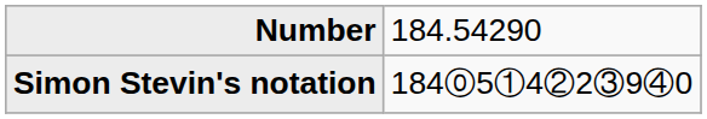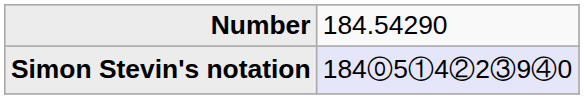 <table class="wikitable floatright">
 <tr>
 <th style="background: #ececec; color: black; font-weight: bold; vertical-align: middle; text-align: right; " class="table-rh">Number</th>
 <td>184.54290</td>
 </tr>
 <tr>
 <th style="background: #ececec; color: black; font-weight: bold; vertical-align: middle; text-align: right; " class="table-rh">Simon Stevin's notation</th>
-<td>184⓪5①4②2③9④0</td>
+<td style="background: lavender;">184⓪5①4②2③9④0</td>
 </tr>
 </table>
